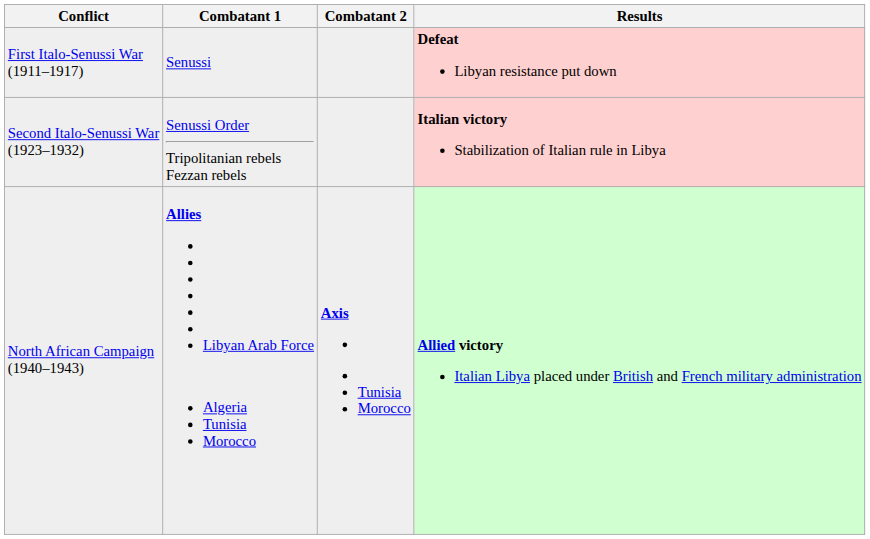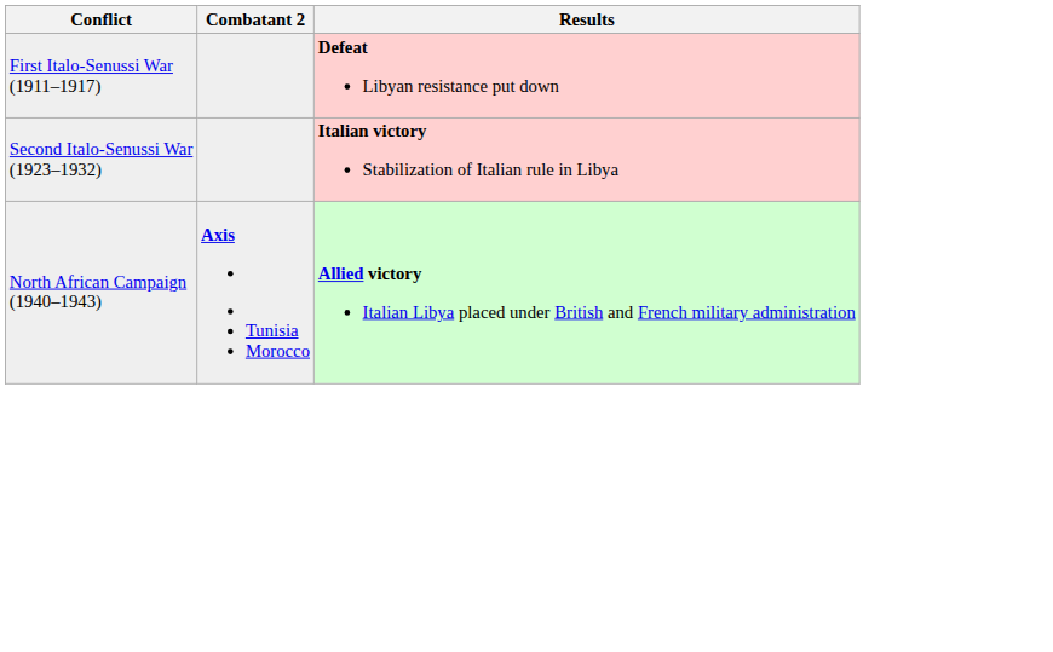 <table class="wikitable">
 <tr>
 <th rowspan="1">Conflict</th>
-<th rowspan="1">Combatant 1</th>
 <th rowspan="1">Combatant 2</th>
 <th rowspan="1">Results</th>
 </tr>
 <tr>
 <td style="background:#efefef"><a href='#'>First Italo-Senussi War</a><br>(1911–1917)</td>
-<td style="background:#efefef"> <a href='#'>Senussi</a></td>
 <td style="background:#efefef"><br></td>
 <td style="background:#FFD0D0"><strong>Defeat</strong><br><ul><li>Libyan resistance put down</li></ul></td>
 </tr>
 <tr>
 <td style="background:#efefef"><a href='#'>Second Italo-Senussi War</a><br>(1923–1932)</td>
-<td style="background:#efefef"><br> <a href='#'>Senussi Order</a><hr> Tripolitanian rebels<br> Fezzan rebels</td>
 <td style="background:#efefef"><br></td>
 <td style="background:#FFD0D0"><strong>Italian victory</strong><br><ul><li>Stabilization of Italian rule in Libya</li></ul></td>
 </tr>
 <tr>
 <td style="background:#efefef"><a href='#'>North African Campaign</a><br>(1940–1943)</td>
-<td style="background:#efefef"><br><strong><a href='#'>Allies</a></strong><br><ul><li></li><li></li><li> </li><li></li><li></li><li></li><li> <a href='#'>Libyan Arab Force</a></li></ul><br> <ul><li> <a href='#'>Algeria</a></li><li> <a href='#'>Tunisia</a></li><li> <a href='#'>Morocco</a></li></ul> <br> <br><br> <br></td>
 <td style="background:#efefef"><br><strong><a href='#'>Axis</a></strong><br> <ul><li></li></ul><ul><li></li><li> <a href='#'>Tunisia</a></li><li> <a href='#'>Morocco</a></li></ul></td>
 <td style="background:#D0FFD0"><br><strong><a href='#'>Allied</a> victory</strong><ul><li><a href='#'>Italian Libya</a> placed under <a href='#'>British</a> and <a href='#'>French military administration</a></li></ul></td>
 </tr>
 </table>
